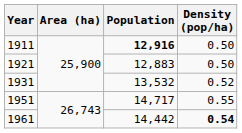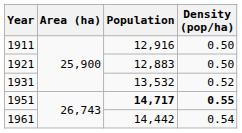 <table class="wikitable">
 <tr>
 <th>Year</th>
 <th>Area (ha)<br></th>
 <th>Population<br></th>
 <th>Density<br>(pop/ha)</th>
 </tr>
 <tr>
 <td>1911</td>
 <td style="text-align:right;" rowspan="3">25,900</td>
-<td style="text-align:right;"><strong>12,916</strong></td>
+<td style="text-align:right;">12,916</td>
 <td style="text-align:right;">0.50</td>
 </tr>
 <tr>
 <td>1921</td>
 <td style="text-align:right;">12,883</td>
 <td style="text-align:right;">0.50</td>
 </tr>
 <tr>
 <td>1931</td>
 <td style="text-align:right;">13,532</td>
 <td style="text-align:right;">0.52</td>
 </tr>
 <tr>
 <td>1951</td>
 <td style="text-align:right;" rowspan="2">26,743</td>
-<td style="text-align:right;">14,717</td>
-<td style="text-align:right;">0.55</td>
+<td style="text-align:right;"><strong>14,717</strong></td>
+<td style="text-align:right;"><strong>0.55</strong></td>
 </tr>
 <tr>
 <td>1961</td>
 <td style="text-align:right;">14,442</td>
-<td style="text-align:right;"><strong>0.54</strong></td>
+<td style="text-align:right;">0.54</td>
 </tr>
 </table>
